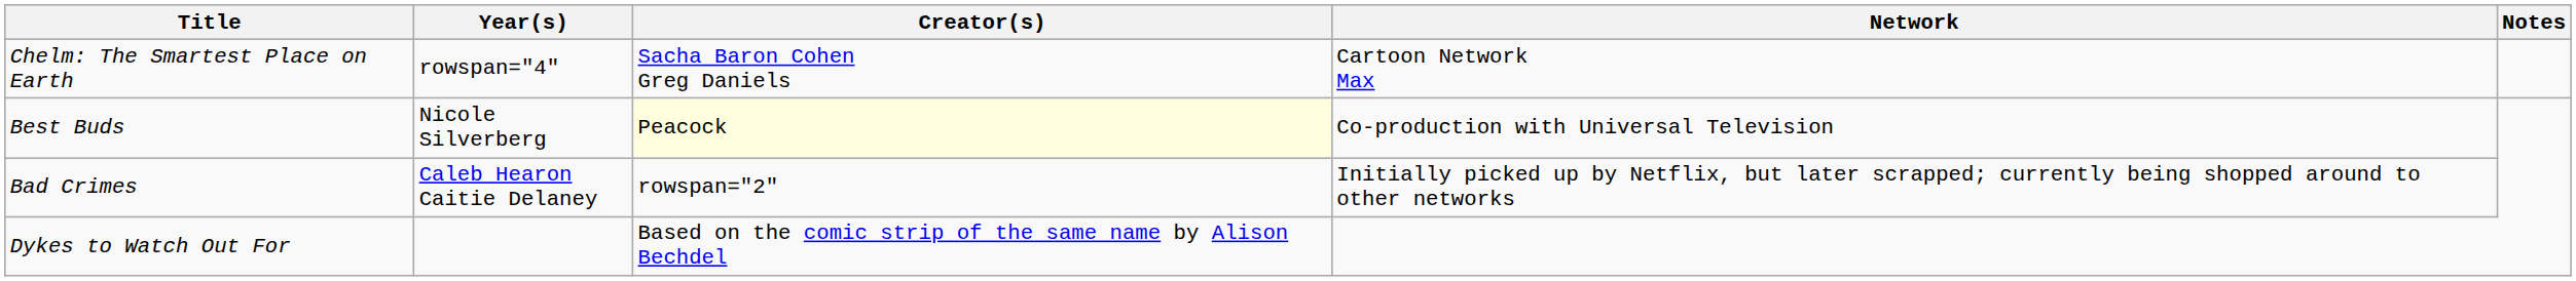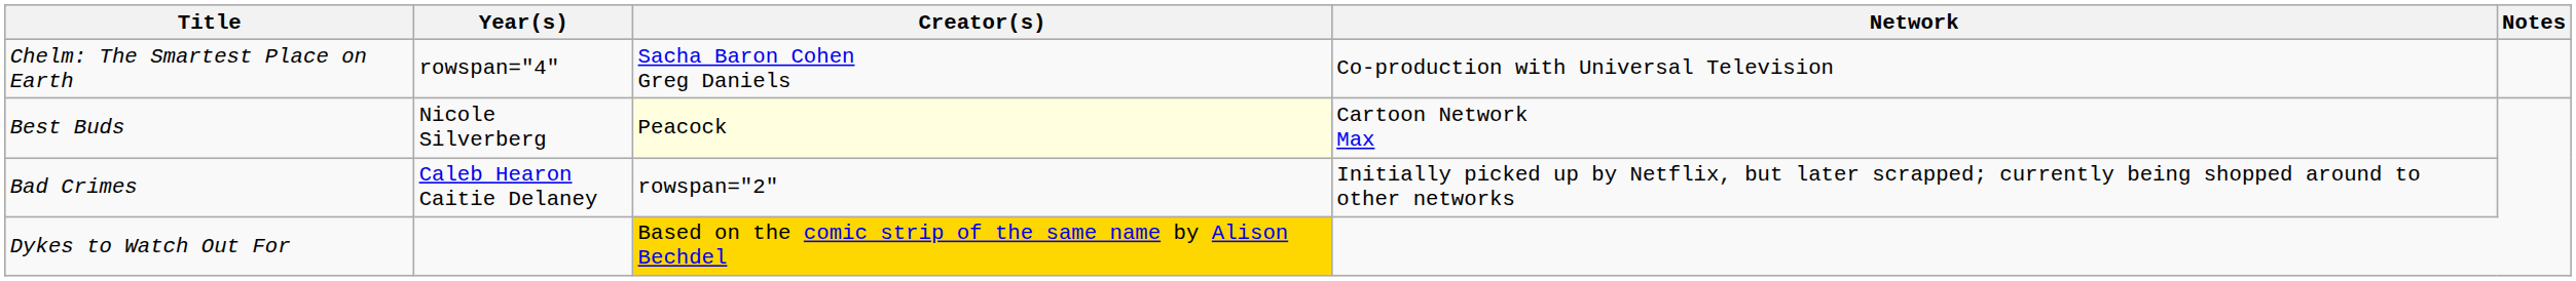 <table class="wikitable sortable">
 <tr>
 <th>Title</th>
 <th>Year(s)</th>
 <th>Creator(s)</th>
 <th>Network</th>
 <th>Notes</th>
 </tr>
 <tr>
 <td><em>Chelm: The Smartest Place on Earth</em></td>
 <td>rowspan="4" </td>
 <td><a href='#'>Sacha Baron Cohen</a><br>Greg Daniels</td>
-<td>Cartoon Network<br><a href='#'>Max</a></td>
+<td>Co-production with Universal Television</td>
 <td></td>
 </tr>
 <tr>
 <td><em>Best Buds</em></td>
 <td>Nicole Silverberg</td>
 <td style="background: lightyellow;">Peacock</td>
-<td>Co-production with Universal Television</td>
+<td>Cartoon Network<br><a href='#'>Max</a></td>
 </tr>
 <tr>
 <td><em>Bad Crimes</em></td>
 <td><a href='#'>Caleb Hearon</a><br>Caitie Delaney</td>
 <td>rowspan="2" </td>
 <td>Initially picked up by Netflix, but later scrapped; currently being shopped around to other networks</td>
 </tr>
 <tr>
 <td><em>Dykes to Watch Out For</em></td>
 <td></td>
-<td>Based on the <a href='#'>comic strip of the same name</a> by <a href='#'>Alison Bechdel</a></td>
+<td style="background: gold;">Based on the <a href='#'>comic strip of the same name</a> by <a href='#'>Alison Bechdel</a></td>
 </tr>
 </table>
